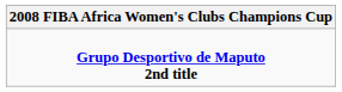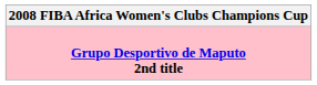 <table class=wikitable style="text-align:center; margin:auto">
 <tr>
 <th>2008 FIBA Africa Women's Clubs Champions Cup</th>
 </tr>
 <tr>
-<td><br><strong><a href='#'>Grupo Desportivo de Maputo</a></strong><br><strong>2nd title</strong></td>
+<td style="background: pink;"><br><strong><a href='#'>Grupo Desportivo de Maputo</a></strong><br><strong>2nd title</strong></td>
 </tr>
 </table>
